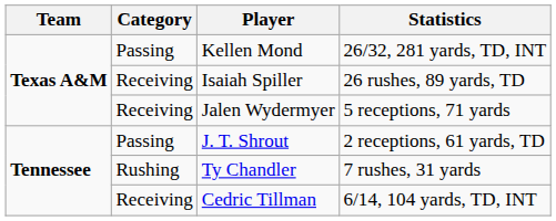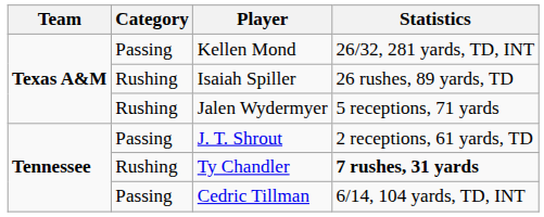 <table class="wikitable" style="float: right;">
 <tr>
 <th>Team</th>
 <th>Category</th>
 <th>Player</th>
 <th>Statistics</th>
 </tr>
 <tr>
 <td rowspan=3><strong>Texas A&M</strong></td>
 <td>Passing</td>
 <td>Kellen Mond</td>
 <td>26/32, 281 yards, TD, INT</td>
 </tr>
 <tr>
-<td>Receiving</td>
+<td>Rushing</td>
 <td>Isaiah Spiller</td>
 <td>26 rushes, 89 yards, TD</td>
 </tr>
 <tr>
-<td>Receiving</td>
+<td>Rushing</td>
 <td>Jalen Wydermyer</td>
 <td>5 receptions, 71 yards</td>
 </tr>
 <tr>
 <td rowspan=3><strong>Tennessee</strong></td>
 <td>Passing</td>
 <td><a href='#'>J. T. Shrout</a></td>
 <td>2 receptions, 61 yards, TD</td>
 </tr>
 <tr>
 <td>Rushing</td>
 <td><a href='#'>Ty Chandler</a></td>
-<td>7 rushes, 31 yards</td>
+<td><strong>7 rushes, 31 yards</strong></td>
 </tr>
 <tr>
-<td>Receiving</td>
+<td>Passing</td>
 <td><a href='#'>Cedric Tillman</a></td>
 <td>6/14, 104 yards, TD, INT</td>
 </tr>
 </table>
